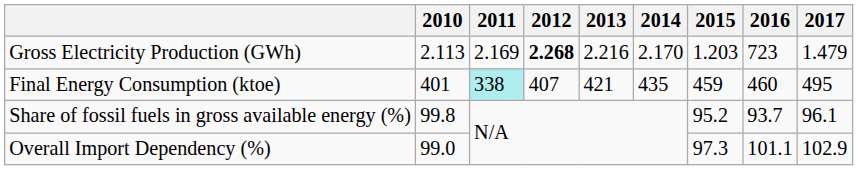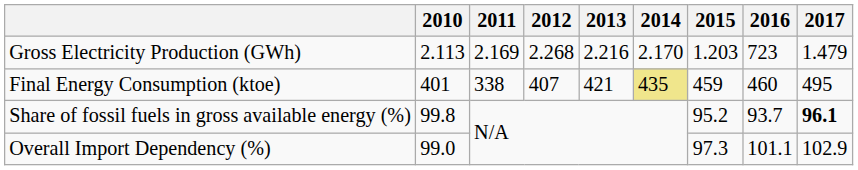 <table class="wikitable">
 <tr>
 <th></th>
 <th>2010</th>
 <th>2011</th>
 <th>2012</th>
 <th>2013</th>
 <th>2014</th>
 <th>2015</th>
 <th>2016</th>
 <th>2017</th>
 </tr>
 <tr>
 <td>Gross Electricity Production (GWh)</td>
 <td>2.113</td>
 <td>2.169</td>
-<td><strong>2.268</strong></td>
+<td>2.268</td>
 <td>2.216</td>
 <td>2.170</td>
 <td>1.203</td>
 <td>723</td>
 <td>1.479</td>
 </tr>
 <tr>
 <td>Final Energy Consumption (ktoe)</td>
 <td>401</td>
-<td style="background: paleturquoise;">338</td>
+<td>338</td>
 <td>407</td>
 <td>421</td>
-<td>435</td>
+<td style="background: khaki;">435</td>
 <td>459</td>
 <td>460</td>
 <td>495</td>
 </tr>
 <tr>
 <td>Share of fossil fuels in gross available energy (%)</td>
 <td>99.8</td>
 <td colspan="4" rowspan="2">N/A</td>
 <td>95.2</td>
 <td>93.7</td>
-<td>96.1</td>
+<td><strong>96.1</strong></td>
 </tr>
 <tr>
 <td>Overall Import Dependency (%)</td>
 <td>99.0</td>
 <td>97.3</td>
 <td>101.1</td>
 <td>102.9</td>
 </tr>
 </table>
